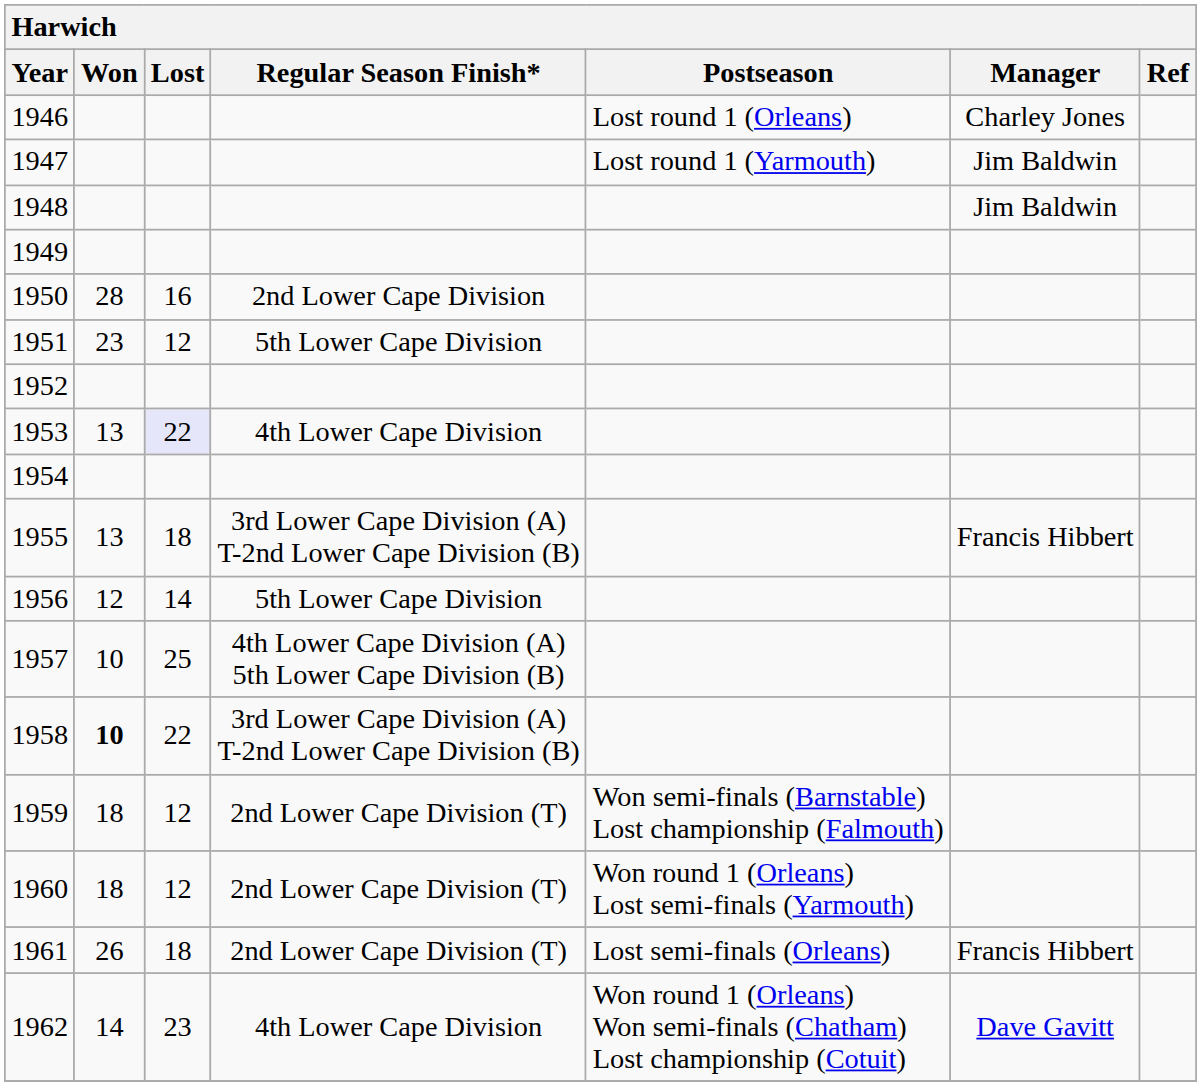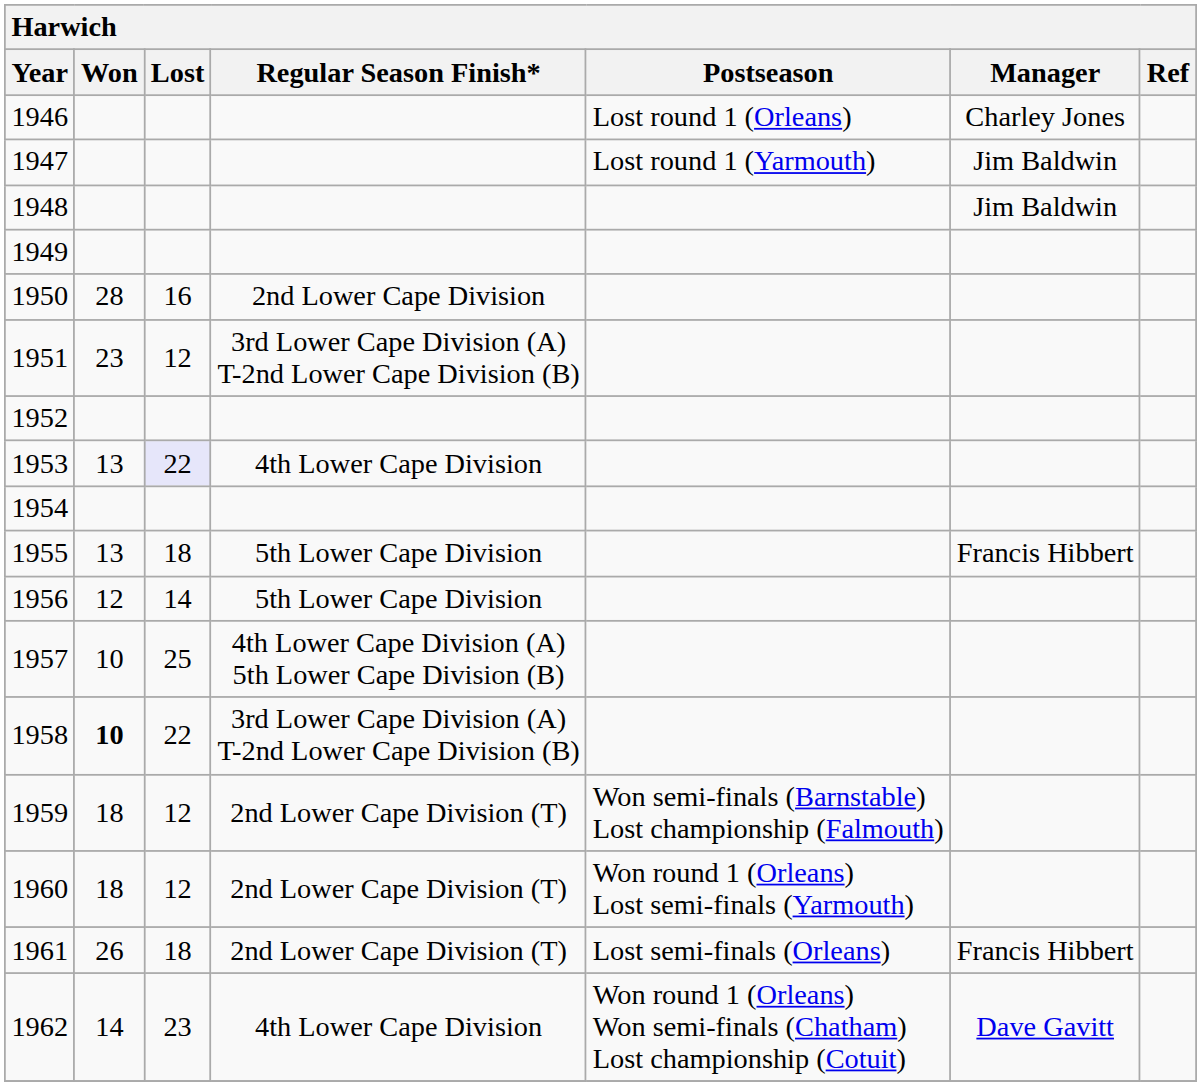 <table class="wikitable" style="text-align:center">
 <tr>
 <th style="text-align:left" colspan="7"><strong><span>Harwich</span></strong></th>
 </tr>
 <tr>
 <th scope="col">Year</th>
 <th scope="col">Won</th>
 <th scope="col">Lost</th>
 <th scope="col">Regular Season Finish*</th>
 <th scope="col">Postseason</th>
 <th scope="col">Manager</th>
 <th scope="col">Ref</th>
 </tr>
 <tr>
 <td>1946</td>
 <td></td>
 <td></td>
 <td></td>
 <td style="text-align:left">Lost round 1 (<a href='#'>Orleans</a>)</td>
 <td>Charley Jones</td>
 <td></td>
 </tr>
 <tr>
 <td>1947</td>
 <td></td>
 <td></td>
 <td></td>
 <td style="text-align:left">Lost round 1 (<a href='#'>Yarmouth</a>)</td>
 <td>Jim Baldwin</td>
 <td></td>
 </tr>
 <tr>
 <td>1948</td>
 <td></td>
 <td></td>
 <td></td>
 <td></td>
 <td>Jim Baldwin</td>
 <td></td>
 </tr>
 <tr>
 <td>1949</td>
 <td></td>
 <td></td>
 <td></td>
 <td></td>
 <td></td>
 <td></td>
 </tr>
 <tr>
 <td>1950</td>
 <td>28</td>
 <td>16</td>
 <td>2nd Lower Cape Division</td>
 <td></td>
 <td></td>
 <td></td>
 </tr>
 <tr>
 <td>1951</td>
 <td>23</td>
 <td>12</td>
-<td>5th Lower Cape Division</td>
+<td>3rd Lower Cape Division (A)<br>T-2nd Lower Cape Division (B)</td>
 <td></td>
 <td></td>
 <td></td>
 </tr>
 <tr>
 <td>1952</td>
 <td></td>
 <td></td>
 <td></td>
 <td></td>
 <td></td>
 <td></td>
 </tr>
 <tr>
 <td>1953</td>
 <td>13</td>
 <td style="background: lavender;">22</td>
 <td>4th Lower Cape Division</td>
 <td></td>
 <td></td>
 <td></td>
 </tr>
 <tr>
 <td>1954</td>
 <td></td>
 <td></td>
 <td></td>
 <td></td>
 <td></td>
 <td></td>
 </tr>
 <tr>
 <td>1955</td>
 <td>13</td>
 <td>18</td>
-<td>3rd Lower Cape Division (A)<br>T-2nd Lower Cape Division (B)</td>
+<td>5th Lower Cape Division</td>
 <td></td>
 <td>Francis Hibbert</td>
 <td></td>
 </tr>
 <tr>
 <td>1956</td>
 <td>12</td>
 <td>14</td>
 <td>5th Lower Cape Division</td>
 <td></td>
 <td></td>
 <td></td>
 </tr>
 <tr>
 <td>1957</td>
 <td>10</td>
 <td>25</td>
 <td>4th Lower Cape Division (A)<br>5th Lower Cape Division (B)</td>
 <td></td>
 <td></td>
 <td></td>
 </tr>
 <tr>
 <td>1958</td>
 <td><strong>10</strong></td>
 <td>22</td>
 <td>3rd Lower Cape Division (A)<br>T-2nd Lower Cape Division (B)</td>
 <td></td>
 <td></td>
 <td></td>
 </tr>
 <tr>
 <td>1959</td>
 <td>18</td>
 <td>12</td>
 <td>2nd Lower Cape Division (T)</td>
 <td style="text-align:left">Won semi-finals (<a href='#'>Barnstable</a>)<br>Lost championship (<a href='#'>Falmouth</a>)</td>
 <td></td>
 <td></td>
 </tr>
 <tr>
 <td>1960</td>
 <td>18</td>
 <td>12</td>
 <td>2nd Lower Cape Division (T)</td>
 <td style="text-align:left">Won round 1 (<a href='#'>Orleans</a>)<br>Lost semi-finals (<a href='#'>Yarmouth</a>)</td>
 <td></td>
 <td></td>
 </tr>
 <tr>
 <td>1961</td>
 <td>26</td>
 <td>18</td>
 <td>2nd Lower Cape Division (T)</td>
 <td style="text-align:left">Lost semi-finals (<a href='#'>Orleans</a>)</td>
 <td>Francis Hibbert</td>
 <td></td>
 </tr>
 <tr>
 <td>1962</td>
 <td>14</td>
 <td>23</td>
 <td>4th Lower Cape Division</td>
 <td style="text-align:left">Won round 1 (<a href='#'>Orleans</a>)<br>Won semi-finals (<a href='#'>Chatham</a>)<br>Lost championship (<a href='#'>Cotuit</a>)</td>
 <td><a href='#'>Dave Gavitt</a></td>
 <td></td>
 </tr>
 <tr>
 </tr>
 </table>
